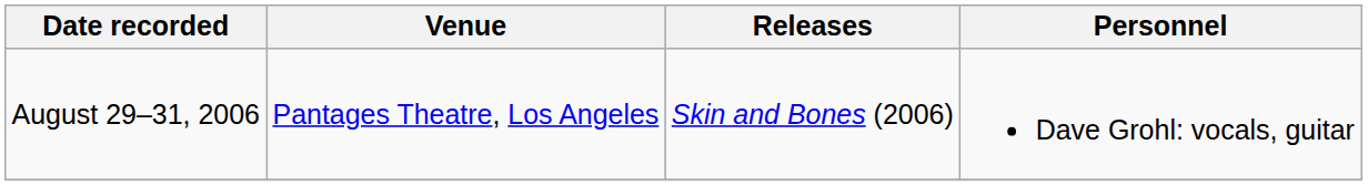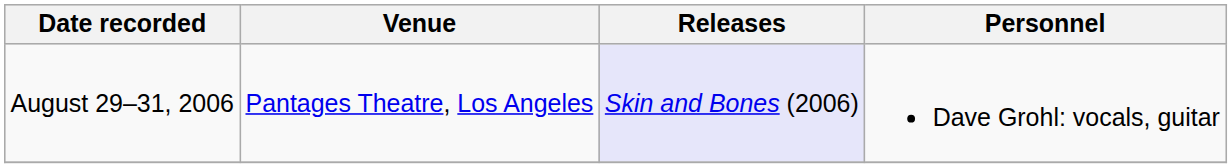 <table class="wikitable">
 <tr>
 <th>Date recorded</th>
 <th>Venue</th>
 <th>Releases</th>
 <th>Personnel</th>
 </tr>
 <tr>
 <td>August 29–31, 2006</td>
 <td><a href='#'>Pantages Theatre</a>, <a href='#'>Los Angeles</a></td>
-<td><em><a href='#'>Skin and Bones</a></em> (2006)</td>
+<td style="background: lavender;"><em><a href='#'>Skin and Bones</a></em> (2006)</td>
 <td><br><ul><li>Dave Grohl: vocals, guitar</li></ul></td>
 </tr>
 <tr>
 </tr>
 </table>
